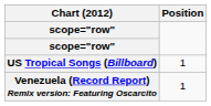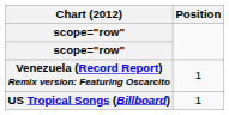 <table class="wikitable plainrowheaders sortable" style="text-align:center;">
 <tr>
 <th scope="col">Chart (2012)</th>
 <th scope="col">Position</th>
 </tr>
 <tr>
 <th>scope="row"</th>
 </tr>
 <tr>
 <th>scope="row"</th>
 </tr>
 <tr>
+<th scope="row">Venezuela (<a href='#'>Record Report</a>)<br><small><em>Remix version: Featuring Oscarcito</em></small></th>
+<td style="text-align:center;">1</td>
+</tr>
+<tr>
 <th scope="row">US <a href='#'>Tropical Songs</a> (<em><a href='#'>Billboard</a></em>)</th>
 <td style="text-align:center;">1</td>
 </tr>
-<tr>
-<th scope="row">Venezuela (<a href='#'>Record Report</a>)<br><small><em>Remix version: Featuring Oscarcito</em></small></th>
-<td style="text-align:center;">1</td>
-</tr>
 </table>
